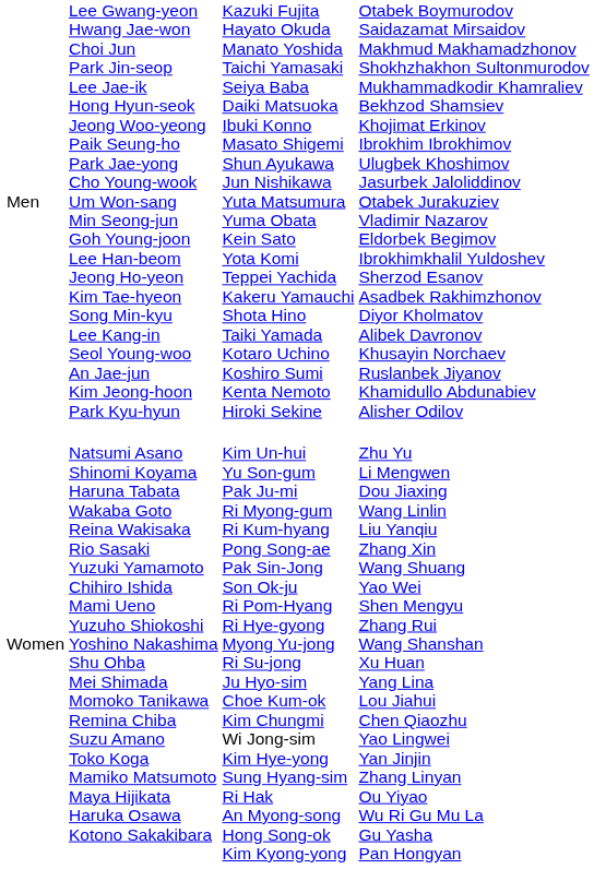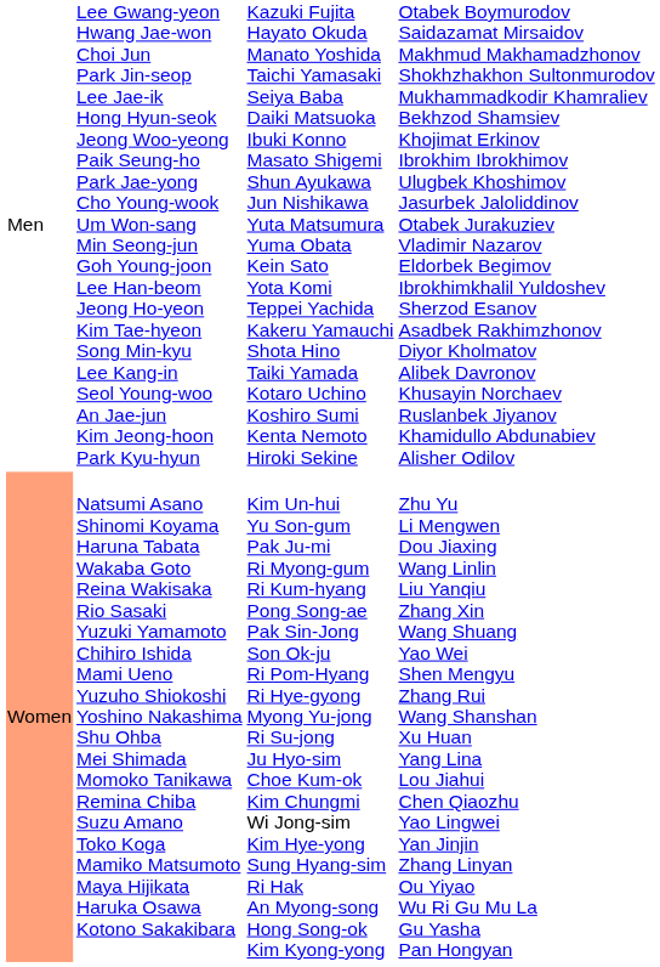 <table>
 <tr>
 <td>Men<br><small></small></td>
 <td valign=top><br><a href='#'>Lee Gwang-yeon</a><br><a href='#'>Hwang Jae-won</a><br><a href='#'>Choi Jun</a><br><a href='#'>Park Jin-seop</a><br><a href='#'>Lee Jae-ik</a><br><a href='#'>Hong Hyun-seok</a><br><a href='#'>Jeong Woo-yeong</a><br><a href='#'>Paik Seung-ho</a><br><a href='#'>Park Jae-yong</a><br><a href='#'>Cho Young-wook</a><br><a href='#'>Um Won-sang</a><br><a href='#'>Min Seong-jun</a><br><a href='#'>Goh Young-joon</a><br><a href='#'>Lee Han-beom</a><br><a href='#'>Jeong Ho-yeon</a><br><a href='#'>Kim Tae-hyeon</a><br><a href='#'>Song Min-kyu</a><br><a href='#'>Lee Kang-in</a><br><a href='#'>Seol Young-woo</a><br><a href='#'>An Jae-jun</a><br><a href='#'>Kim Jeong-hoon</a><br><a href='#'>Park Kyu-hyun</a></td>
 <td valign=top><br><a href='#'>Kazuki Fujita</a><br><a href='#'>Hayato Okuda</a><br><a href='#'>Manato Yoshida</a><br><a href='#'>Taichi Yamasaki</a><br><a href='#'>Seiya Baba</a><br><a href='#'>Daiki Matsuoka</a><br><a href='#'>Ibuki Konno</a><br><a href='#'>Masato Shigemi</a><br><a href='#'>Shun Ayukawa</a><br><a href='#'>Jun Nishikawa</a><br><a href='#'>Yuta Matsumura</a><br><a href='#'>Yuma Obata</a><br><a href='#'>Kein Sato</a><br><a href='#'>Yota Komi</a><br><a href='#'>Teppei Yachida</a><br><a href='#'>Kakeru Yamauchi</a><br><a href='#'>Shota Hino</a><br><a href='#'>Taiki Yamada</a><br><a href='#'>Kotaro Uchino</a><br><a href='#'>Koshiro Sumi</a><br><a href='#'>Kenta Nemoto</a><br><a href='#'>Hiroki Sekine</a></td>
 <td valign=top><br><a href='#'>Otabek Boymurodov</a><br><a href='#'>Saidazamat Mirsaidov</a><br><a href='#'>Makhmud Makhamadzhonov</a><br><a href='#'>Shokhzhakhon Sultonmurodov</a><br><a href='#'>Mukhammadkodir Khamraliev</a><br><a href='#'>Bekhzod Shamsiev</a><br><a href='#'>Khojimat Erkinov</a><br><a href='#'>Ibrokhim Ibrokhimov</a><br><a href='#'>Ulugbek Khoshimov</a><br><a href='#'>Jasurbek Jaloliddinov</a><br><a href='#'>Otabek Jurakuziev</a><br><a href='#'>Vladimir Nazarov</a><br><a href='#'>Eldorbek Begimov</a><br><a href='#'>Ibrokhimkhalil Yuldoshev</a><br><a href='#'>Sherzod Esanov</a><br><a href='#'>Asadbek Rakhimzhonov</a><br><a href='#'>Diyor Kholmatov</a><br><a href='#'>Alibek Davronov</a><br><a href='#'>Khusayin Norchaev</a><br><a href='#'>Ruslanbek Jiyanov</a><br><a href='#'>Khamidullo Abdunabiev</a><br><a href='#'>Alisher Odilov</a></td>
 </tr>
 <tr>
-<td>Women<br><small></small></td>
+<td style="background: lightsalmon;">Women<br><small></small></td>
 <td valign=top><br><a href='#'>Natsumi Asano</a><br><a href='#'>Shinomi Koyama</a><br><a href='#'>Haruna Tabata</a><br><a href='#'>Wakaba Goto</a><br><a href='#'>Reina Wakisaka</a><br><a href='#'>Rio Sasaki</a><br><a href='#'>Yuzuki Yamamoto</a><br><a href='#'>Chihiro Ishida</a><br><a href='#'>Mami Ueno</a><br><a href='#'>Yuzuho Shiokoshi</a><br><a href='#'>Yoshino Nakashima</a><br><a href='#'>Shu Ohba</a><br><a href='#'>Mei Shimada</a><br><a href='#'>Momoko Tanikawa</a><br><a href='#'>Remina Chiba</a><br><a href='#'>Suzu Amano</a><br><a href='#'>Toko Koga</a><br><a href='#'>Mamiko Matsumoto</a><br><a href='#'>Maya Hijikata</a><br><a href='#'>Haruka Osawa</a><br><a href='#'>Kotono Sakakibara</a></td>
 <td valign=top><br><a href='#'>Kim Un-hui</a><br><a href='#'>Yu Son-gum</a><br><a href='#'>Pak Ju-mi</a><br><a href='#'>Ri Myong-gum</a><br><a href='#'>Ri Kum-hyang</a><br><a href='#'>Pong Song-ae</a><br><a href='#'>Pak Sin-Jong</a><br><a href='#'>Son Ok-ju</a><br><a href='#'>Ri Pom-Hyang</a><br><a href='#'>Ri Hye-gyong</a><br><a href='#'>Myong Yu-jong</a><br><a href='#'>Ri Su-jong</a><br><a href='#'>Ju Hyo-sim</a><br><a href='#'>Choe Kum-ok</a><br><a href='#'>Kim Chungmi</a><br>Wi Jong-sim<br><a href='#'>Kim Hye-yong</a><br><a href='#'>Sung Hyang-sim</a><br><a href='#'>Ri Hak</a><br><a href='#'>An Myong-song</a><br><a href='#'>Hong Song-ok</a><br><a href='#'>Kim Kyong-yong</a></td>
 <td valign=top><br><a href='#'>Zhu Yu</a><br><a href='#'>Li Mengwen</a><br><a href='#'>Dou Jiaxing</a><br><a href='#'>Wang Linlin</a><br><a href='#'>Liu Yanqiu</a><br><a href='#'>Zhang Xin</a><br><a href='#'>Wang Shuang</a><br><a href='#'>Yao Wei</a><br><a href='#'>Shen Mengyu</a><br><a href='#'>Zhang Rui</a><br><a href='#'>Wang Shanshan</a><br><a href='#'>Xu Huan</a><br><a href='#'>Yang Lina</a><br><a href='#'>Lou Jiahui</a><br><a href='#'>Chen Qiaozhu</a><br><a href='#'>Yao Lingwei</a><br><a href='#'>Yan Jinjin</a><br><a href='#'>Zhang Linyan</a><br><a href='#'>Ou Yiyao</a><br><a href='#'>Wu Ri Gu Mu La</a><br><a href='#'>Gu Yasha</a><br><a href='#'>Pan Hongyan</a></td>
 </tr>
 </table>
